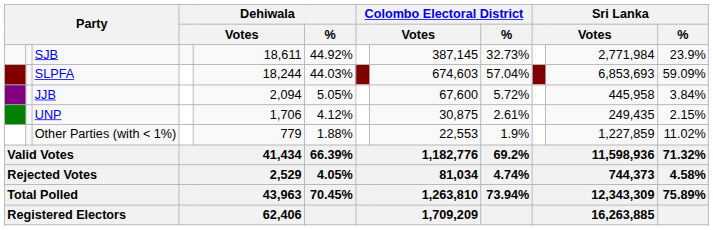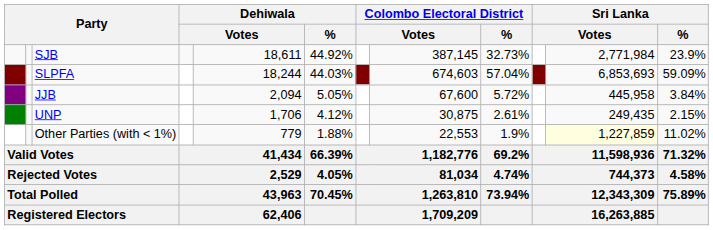 <table class="wikitable">
 <tr>
 <th colspan="3" width="144px"rowspan="2">Party</th>
 <th colspan="3" width="216px">Dehiwala</th>
 <th colspan="3" width="216px"><a href='#'>Colombo Electoral District</a></th>
 <th colspan="3" width="216px">Sri Lanka</th>
 </tr>
 <tr>
 <th colspan="2" width="144px">Votes</th>
 <th>%</th>
 <th colspan="2" width="144px">Votes</th>
 <th>%</th>
 <th colspan="2" width="144px">Votes</th>
 <th>%</th>
 </tr>
 <tr>
 <td style="background-color:"></td>
 <td></td>
 <td style="text-align:left;"><a href='#'>SJB</a></td>
 <td style="background-color:"></td>
 <td style="text-align:right;">18,611</td>
 <td style="text-align:right;">44.92%</td>
 <td style="background-color:white;" width="10px"></td>
 <td style="text-align:right;">387,145</td>
 <td style="text-align:right;">32.73%</td>
 <td style="background-color:white;" width="10px"></td>
 <td style="text-align:right;">2,771,984</td>
 <td style="text-align:right;">23.9%</td>
 </tr>
 <tr>
 <td style="background-color:maroon;" width="20px"></td>
 <td></td>
 <td style="text-align:left;"><a href='#'>SLPFA</a></td>
 <td style="background-color:white;" width="10px"></td>
 <td style="text-align:right;">18,244</td>
 <td style="text-align:right;">44.03%</td>
 <td style="background-color:maroon;" width="10px"></td>
 <td style="text-align:right;">674,603</td>
 <td style="text-align:right;">57.04%</td>
 <td style="background-color:maroon;" width="10px"></td>
 <td style="text-align:right;">6,853,693</td>
 <td style="text-align:right;">59.09%</td>
 </tr>
 <tr>
 <td style="background-color:purple;" width="20px"></td>
 <td></td>
 <td style="text-align:left;"><a href='#'>JJB</a></td>
 <td style="background-color:white;" width="10px"></td>
 <td style="text-align:right;">2,094</td>
 <td style="text-align:right;">5.05%</td>
 <td style="background-color:white;" width="10px"></td>
 <td style="text-align:right;">67,600</td>
 <td style="text-align:right;">5.72%</td>
 <td style="background-color:white;" width="10px"></td>
 <td style="text-align:right;">445,958</td>
 <td style="text-align:right;">3.84%</td>
 </tr>
 <tr>
 <td style="background-color:green;" width="20px"></td>
 <td></td>
 <td style="text-align:left;"><a href='#'>UNP</a></td>
 <td style="background-color:white;" width="10px"></td>
 <td style="text-align:right;">1,706</td>
 <td style="text-align:right;">4.12%</td>
 <td style="background-color:white;" width="10px"></td>
 <td style="text-align:right;">30,875</td>
 <td style="text-align:right;">2.61%</td>
 <td style="background-color:white;" width="10px"></td>
 <td style="text-align:right;">249,435</td>
 <td style="text-align:right;">2.15%</td>
 </tr>
 <tr>
 <td style="background-color:white;" width="20px"></td>
 <td></td>
 <td style="text-align:left;">Other Parties (with < 1%)</td>
 <td style="background-color:white;" width="10px"></td>
 <td style="text-align:right;">779</td>
 <td style="text-align:right;">1.88%</td>
 <td style="background-color:white;" width="10px"></td>
 <td style="text-align:right;">22,553</td>
 <td style="text-align:right;">1.9%</td>
 <td style="background-color:white;" width="10px"></td>
-<td style="text-align:right;">1,227,859</td>
+<td style="background: lightyellow; text-align:right;">1,227,859</td>
 <td style="text-align:right;">11.02%</td>
 </tr>
 <tr>
 <th colspan="3" width="144px"style="text-align:left;">Valid Votes</th>
 <th style="text-align:right;"colspan="2" width="144px">41,434</th>
 <th style="text-align:right;">66.39%</th>
 <th style="text-align:right;"colspan="2" width="144px">1,182,776</th>
 <th style="text-align:right;">69.2%</th>
 <th style="text-align:right;"colspan="2" width="144px">11,598,936</th>
 <th style="text-align:right;">71.32%</th>
 </tr>
 <tr>
 <th colspan="3" width="144px"style="text-align:left;">Rejected Votes</th>
 <th style="text-align:right;"colspan="2" width="144px">2,529</th>
 <th style="text-align:right;">4.05%</th>
 <th style="text-align:right;"colspan="2" width="144px">81,034</th>
 <th style="text-align:right;">4.74%</th>
 <th style="text-align:right;"colspan="2" width="144px">744,373</th>
 <th style="text-align:right;">4.58%</th>
 </tr>
 <tr>
 <th colspan="3" width="144px"style="text-align:left;">Total Polled</th>
 <th style="text-align:right;"colspan="2" width="144px">43,963</th>
 <th style="text-align:right;">70.45%</th>
 <th style="text-align:right;"colspan="2" width="144px">1,263,810</th>
 <th style="text-align:right;">73.94%</th>
 <th style="text-align:right;"colspan="2" width="144px">12,343,309</th>
 <th style="text-align:right;">75.89%</th>
 </tr>
 <tr>
 <th colspan="3" width="144px"style="text-align:left;">Registered Electors</th>
 <th style="text-align:right;"colspan="2" width="144px">62,406</th>
 <th></th>
 <th style="text-align:right;"colspan="2" width="144px">1,709,209</th>
 <th></th>
 <th style="text-align:right;"colspan="2" width="144px">16,263,885</th>
 <th></th>
 </tr>
 </table>
